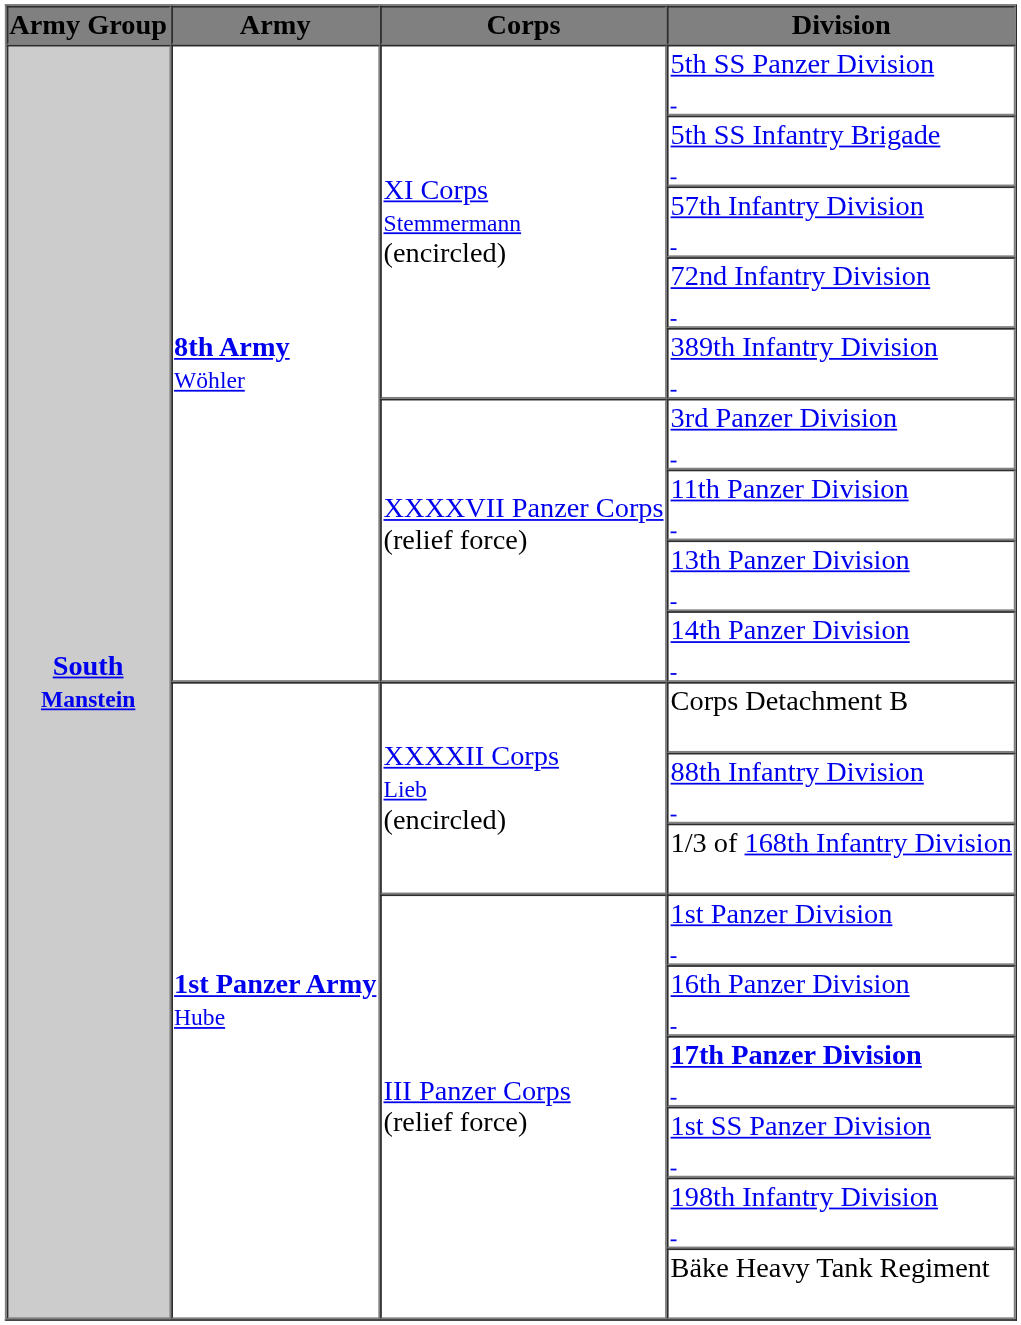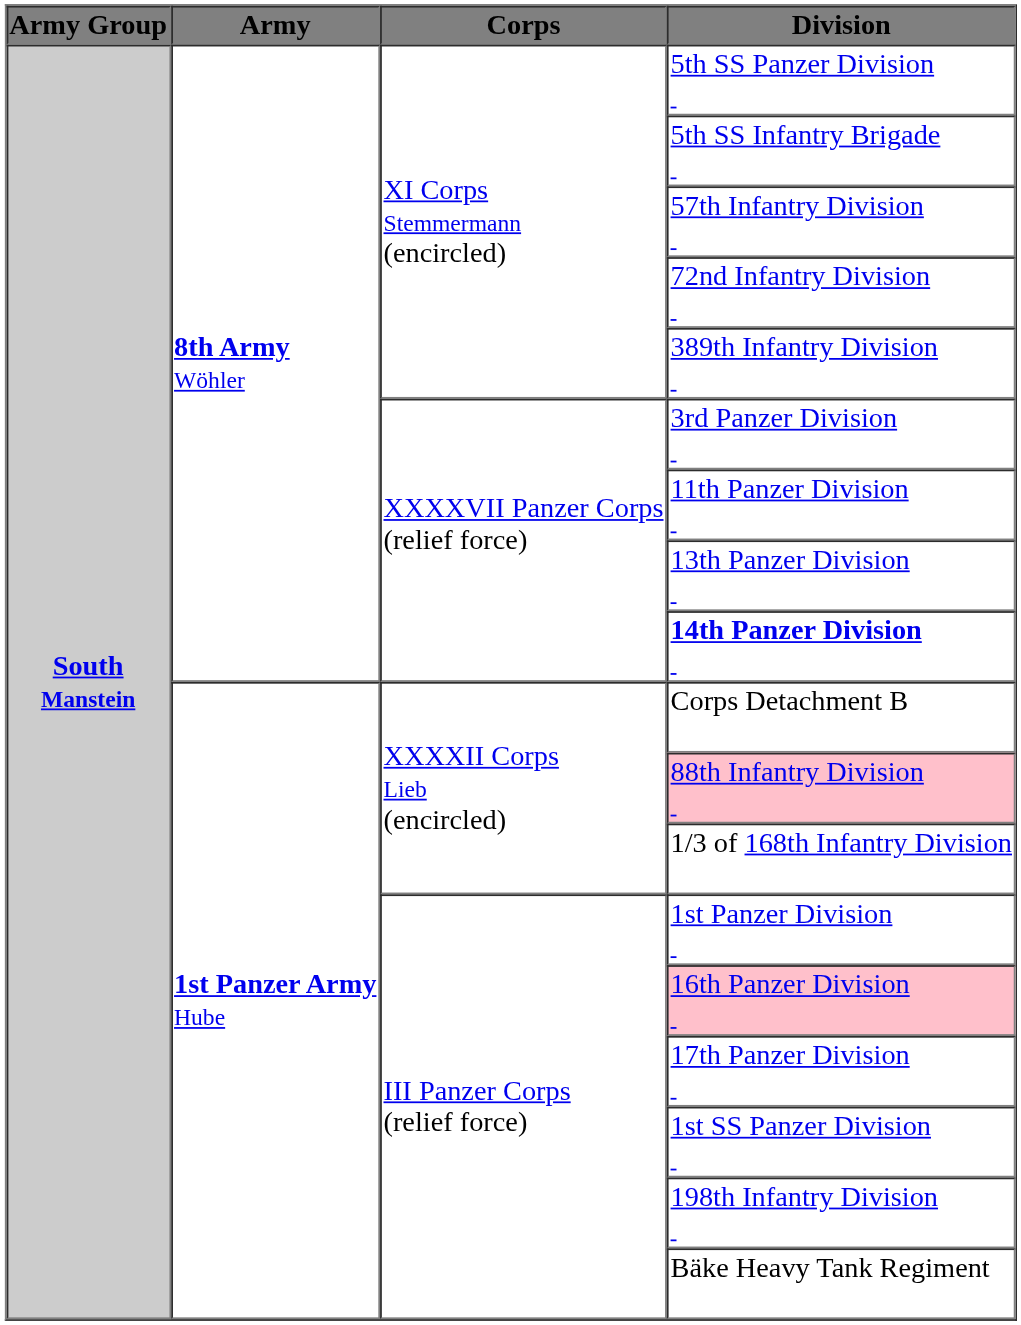 <table style="float: right;" border="1" cellpadding="1" cellspacing="0" style="font-size: 85%; border: gray solid 1px; border-collapse: collapse; text-align: center;">
 <tr style="background-color:grey; color:black;">
 <th>Army Group</th>
 <th>Army</th>
 <th>Corps</th>
 <th>Division</th>
 </tr>
 <tr>
 <th ROWSPAN=18 style="background:#ccc;" style="border-bottom:1px solid gray;"><a href='#'>South</a><br><small><a href='#'>Manstein</a></small></th>
 <td ROWSPAN=9><strong><a href='#'>8th Army</a></strong><br><small><a href='#'>Wöhler</a></small></td>
 <td ROWSPAN=5><a href='#'>XI Corps</a> <br><small><a href='#'>Stemmermann</a></small> <br>(encircled)</td>
 <td><a href='#'>5th SS Panzer Division<br><small> </small></a></td>
 </tr>
 <tr>
 <td><a href='#'>5th SS Infantry Brigade<br><small> </small></a></td>
 </tr>
 <tr>
 <td><a href='#'>57th Infantry Division<br><small> </small></a></td>
 </tr>
 <tr>
 <td><a href='#'>72nd Infantry Division<br><small> </small></a></td>
 </tr>
 <tr>
 <td><a href='#'>389th Infantry Division<br><small> </small></a></td>
 </tr>
 <tr>
 <td ROWSPAN=4><a href='#'>XXXXVII Panzer Corps</a><br>(relief force)<br><small> </small></td>
 <td><a href='#'>3rd Panzer Division<br><small> </small></a></td>
 </tr>
 <tr>
 <td><a href='#'>11th Panzer Division<br><small> </small></a></td>
 </tr>
 <tr>
 <td><a href='#'>13th Panzer Division<br><small> </small></a></td>
 </tr>
 <tr>
-<td><a href='#'>14th Panzer Division<br><small> </small></a></td>
+<td><strong><a href='#'>14th Panzer Division<br><small> </small></a></strong></td>
 </tr>
 <tr>
 <td ROWSPAN=9><strong><a href='#'>1st Panzer Army</a></strong><br><small><a href='#'>Hube</a></small></td>
 <td ROWSPAN=3><a href='#'>XXXXII Corps</a> <br><small><a href='#'>Lieb</a></small> <br>(encircled)</td>
 <td>Corps Detachment B<br><small> </small></td>
 </tr>
 <tr>
-<td><a href='#'>88th Infantry Division<br><small> </small></a></td>
+<td style="background: pink;"><a href='#'>88th Infantry Division<br><small> </small></a></td>
 </tr>
 <tr>
 <td>1/3 of <a href='#'>168th Infantry Division</a><br><small> </small></td>
 </tr>
 <tr>
 <td ROWSPAN=6><a href='#'>III Panzer Corps</a><br>(relief force)<br></td>
 <td><a href='#'>1st Panzer Division<br><small> </small></a></td>
 </tr>
 <tr>
-<td><a href='#'>16th Panzer Division<br><small> </small></a></td>
+<td style="background: pink;"><a href='#'>16th Panzer Division<br><small> </small></a></td>
 </tr>
 <tr>
-<td><strong><a href='#'>17th Panzer Division<br><small> </small></a></strong></td>
+<td><a href='#'>17th Panzer Division<br><small> </small></a></td>
 </tr>
 <tr>
 <td><a href='#'>1st SS Panzer Division<br><small> </small></a></td>
 </tr>
 <tr>
 <td><a href='#'>198th Infantry Division<br><small> </small></a></td>
 </tr>
 <tr>
 <td>Bäke Heavy Tank Regiment<br><small> </small></td>
 </tr>
 <tr>
 </tr>
 </table>
